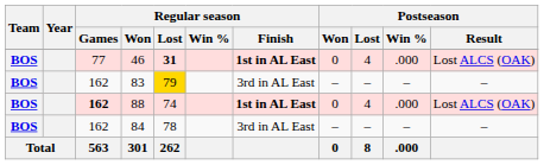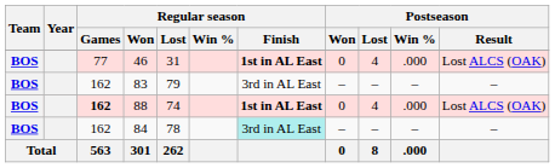 <table class="wikitable" style="font-size: 95%; text-align:center;">
 <tr>
 <th rowspan="2">Team</th>
 <th rowspan="2">Year</th>
 <th colspan="5">Regular season</th>
 <th colspan="4">Postseason</th>
 </tr>
 <tr>
 <th>Games</th>
 <th>Won</th>
 <th>Lost</th>
 <th>Win %</th>
 <th>Finish</th>
 <th>Won</th>
 <th>Lost</th>
 <th>Win %</th>
 <th>Result</th>
 </tr>
 <tr>
 </tr>
 <tr style="background:#fdd">
 <th><a href='#'>BOS</a></th>
 <th></th>
 <td>77</td>
 <td>46</td>
-<td><strong>31</strong></td>
+<td>31</td>
 <td></td>
 <td><strong>1st in AL East</strong></td>
 <td>0</td>
 <td>4</td>
 <td>.000</td>
 <td>Lost <a href='#'>ALCS</a> (<a href='#'>OAK</a>)</td>
 </tr>
 <tr>
 <th><a href='#'>BOS</a></th>
 <th></th>
 <td>162</td>
 <td>83</td>
-<td style="background: gold;">79</td>
+<td>79</td>
 <td></td>
 <td>3rd in AL East</td>
 <td>–</td>
 <td>–</td>
 <td>–</td>
 <td>–</td>
 </tr>
 <tr style="background:#fdd">
 <th><a href='#'>BOS</a></th>
 <th></th>
 <td><strong>162</strong></td>
 <td>88</td>
 <td>74</td>
 <td></td>
 <td><strong>1st in AL East</strong></td>
 <td>0</td>
 <td>4</td>
 <td>.000</td>
 <td>Lost <a href='#'>ALCS</a> (<a href='#'>OAK</a>)</td>
 </tr>
 <tr>
 <th><a href='#'>BOS</a></th>
 <th></th>
 <td>162</td>
 <td>84</td>
 <td>78</td>
 <td></td>
-<td>3rd in AL East</td>
+<td style="background: paleturquoise;">3rd in AL East</td>
 <td>–</td>
 <td>–</td>
 <td>–</td>
 <td>–</td>
 </tr>
 <tr>
 <th colspan="2">Total</th>
 <th>563</th>
 <th>301</th>
 <th>262</th>
 <th></th>
 <th></th>
 <th>0</th>
 <th>8</th>
 <th>.000</th>
 <th></th>
 </tr>
 </table>
